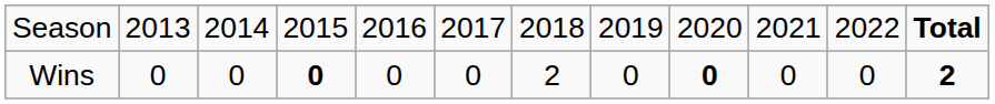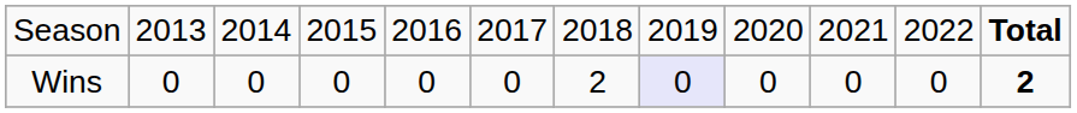 <table class=wikitable>
 <tr>
 <td>Season</td>
 <td>2013</td>
 <td>2014</td>
 <td>2015</td>
 <td>2016</td>
 <td>2017</td>
 <td>2018</td>
 <td>2019</td>
 <td>2020</td>
 <td>2021</td>
 <td>2022</td>
 <td><strong>Total</strong></td>
 </tr>
 <tr align=center>
 <td>Wins</td>
 <td>0</td>
 <td>0</td>
-<td><strong>0</strong></td>
+<td>0</td>
 <td>0</td>
 <td>0</td>
 <td>2</td>
+<td style="background: lavender;">0</td>
 <td>0</td>
-<td><strong>0</strong></td>
 <td>0</td>
 <td>0</td>
 <td><strong>2</strong></td>
 </tr>
 </table>
